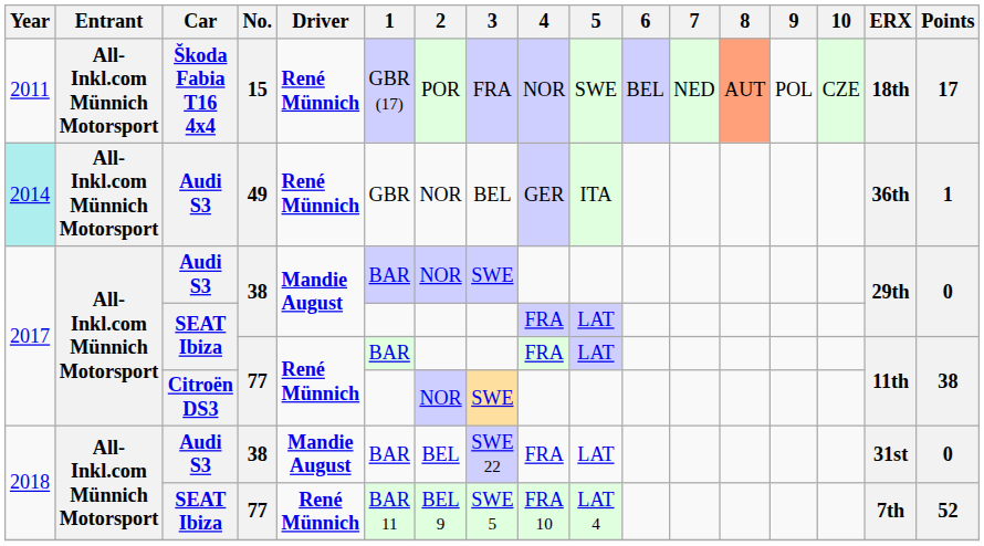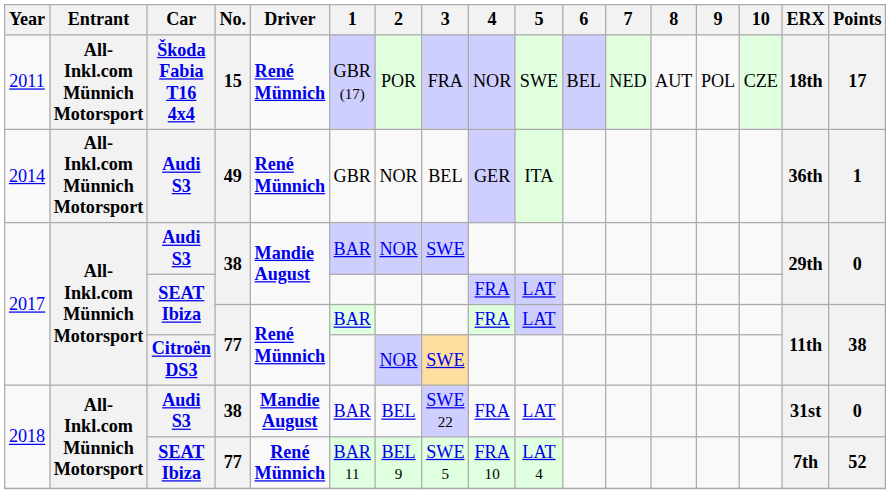 <table class="wikitable" border="1" style="text-align:center; font-size:90%;">
 <tr valign="top">
 <th>Year</th>
 <th>Entrant</th>
 <th>Car</th>
 <th>No.</th>
 <th>Driver</th>
 <th>1</th>
 <th>2</th>
 <th>3</th>
 <th>4</th>
 <th>5</th>
 <th>6</th>
 <th>7</th>
 <th>8</th>
 <th>9</th>
 <th>10</th>
 <th>ERX</th>
 <th>Points</th>
 </tr>
 <tr>
 <td><a href='#'>2011</a></td>
 <th>All-Inkl.com Münnich Motorsport</th>
 <th><a href='#'>Škoda Fabia T16 4x4</a></th>
 <th>15</th>
 <td align="left"> <strong><a href='#'>René Münnich</a></strong></td>
 <td style="background:#CFCFFF;">GBR<br><small>(17)</small></td>
 <td style="background:#DFFFDF;">POR<br></td>
 <td style="background:#CFCFFF;">FRA<br></td>
 <td style="background:#CFCFFF;">NOR<br></td>
 <td style="background:#DFFFDF;">SWE<br></td>
 <td style="background:#CFCFFF;">BEL<br></td>
 <td style="background:#DFFFDF;">NED<br></td>
-<td style="background: lightsalmon;">AUT</td>
+<td>AUT</td>
 <td>POL</td>
 <td style="background:#DFFFDF;">CZE<br></td>
 <th>18th</th>
 <th>17</th>
 </tr>
 <tr>
-<td style="background: paleturquoise;"><a href='#'>2014</a></td>
+<td><a href='#'>2014</a></td>
 <th>All-Inkl.com Münnich Motorsport</th>
 <th><a href='#'>Audi S3</a></th>
 <th>49</th>
 <td align="left"> <strong><a href='#'>René Münnich</a></strong></td>
 <td>GBR</td>
 <td>NOR</td>
 <td>BEL</td>
 <td style="background:#CFCFFF;">GER<br></td>
 <td style="background:#DFFFDF;">ITA<br></td>
 <td></td>
 <td></td>
 <td></td>
 <td></td>
 <td></td>
 <th>36th</th>
 <th>1</th>
 </tr>
 <tr>
 <td rowspan=4><a href='#'>2017</a></td>
 <th rowspan=4>All-Inkl.com Münnich Motorsport</th>
 <th><a href='#'>Audi S3</a></th>
 <th rowspan=2>38</th>
 <td rowspan=2 align="left"> <strong><a href='#'>Mandie August</a></strong></td>
 <td style="background:#CFCFFF;"><a href='#'>BAR</a><br></td>
 <td style="background:#CFCFFF;"><a href='#'>NOR</a><br></td>
 <td style="background:#CFCFFF;"><a href='#'>SWE</a><br></td>
 <td></td>
 <td></td>
 <td></td>
 <td></td>
 <td></td>
 <td></td>
 <td></td>
 <th rowspan=2 align="left">29th</th>
 <th rowspan=2 align="left">0</th>
 </tr>
 <tr>
 <th rowspan=2><a href='#'>SEAT Ibiza</a></th>
 <td></td>
 <td></td>
 <td></td>
 <td style="background:#CFCFFF;"><a href='#'>FRA</a><br></td>
 <td style="background:#CFCFFF;"><a href='#'>LAT</a><br></td>
 <td></td>
 <td></td>
 <td></td>
 <td></td>
 <td></td>
 </tr>
 <tr>
 <th rowspan=2>77</th>
 <td rowspan=2 align="left"> <strong><a href='#'>René Münnich</a></strong></td>
 <td style="background:#DFFFDF;"><a href='#'>BAR</a><br></td>
 <td></td>
 <td></td>
 <td style="background:#DFFFDF;"><a href='#'>FRA</a><br></td>
 <td style="background:#CFCFFF;"><a href='#'>LAT</a><br></td>
 <td></td>
 <td></td>
 <td></td>
 <td></td>
 <td></td>
 <th rowspan=2 align="left">11th</th>
 <th rowspan=2 align="left">38</th>
 </tr>
 <tr>
 <th><a href='#'>Citroën DS3</a></th>
 <td></td>
 <td style="background:#CFCFFF;"><a href='#'>NOR</a><br></td>
 <td style="background:#FFDF9F;"><a href='#'>SWE</a><br></td>
 <td></td>
 <td></td>
 <td></td>
 <td></td>
 <td></td>
 <td></td>
 <td></td>
 </tr>
 <tr>
 <td rowspan=2><a href='#'>2018</a></td>
 <th rowspan=2>All-Inkl.com Münnich Motorsport</th>
 <th rowspan=1><a href='#'>Audi S3</a></th>
 <th>38</th>
 <td> <strong><a href='#'>Mandie August</a></strong></td>
 <td><a href='#'>BAR</a><br><small></small></td>
 <td><a href='#'>BEL</a><br><small></small></td>
 <td style="background:#CFCFFF;"><a href='#'>SWE</a><br><small>22</small></td>
 <td><a href='#'>FRA</a><br><small></small></td>
 <td><a href='#'>LAT</a><br><small></small></td>
 <td></td>
 <td></td>
 <td></td>
 <td></td>
 <td></td>
 <th>31st</th>
 <th>0</th>
 </tr>
 <tr>
 <th rowspan=1><a href='#'>SEAT Ibiza</a></th>
 <th>77</th>
 <td> <strong><a href='#'>René Münnich</a></strong></td>
 <td style="background:#DFFFDF;"><a href='#'>BAR</a><br><small>11</small></td>
 <td style="background:#DFFFDF;"><a href='#'>BEL</a><br><small>9</small></td>
 <td style="background:#DFFFDF;"><a href='#'>SWE</a><br><small>5</small></td>
 <td style="background:#DFFFDF;"><a href='#'>FRA</a><br><small>10</small></td>
 <td style="background:#DFFFDF;"><a href='#'>LAT</a><br><small>4</small></td>
 <td></td>
 <td></td>
 <td></td>
 <td></td>
 <td></td>
 <th>7th</th>
 <th>52</th>
 </tr>
 <tr>
 </tr>
 </table>
